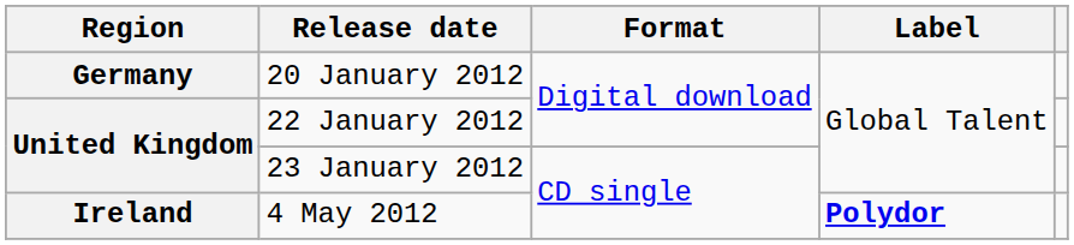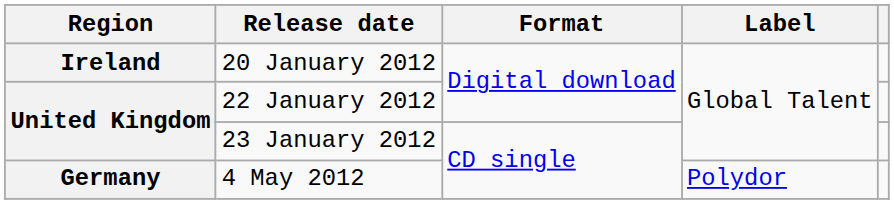 <table class="wikitable plainrowheaders">
 <tr>
 <th scope="col">Region</th>
 <th scope="col">Release date</th>
 <th scope="col">Format</th>
 <th scope="col">Label</th>
 <th scope="col"></th>
 </tr>
 <tr>
-<th scope="row">Germany</th>
+<th scope="row">Ireland</th>
 <td>20 January 2012</td>
 <td rowspan="2"><a href='#'>Digital download</a></td>
 <td rowspan="3">Global Talent</td>
 <td></td>
 </tr>
 <tr>
 <th scope="row" rowspan="2">United Kingdom</th>
 <td>22 January 2012</td>
 <td></td>
 </tr>
 <tr>
 <td>23 January 2012</td>
 <td rowspan="2"><a href='#'>CD single</a></td>
 <td></td>
 </tr>
 <tr>
-<th scope="row">Ireland</th>
+<th scope="row">Germany</th>
 <td>4 May 2012</td>
-<td><strong><a href='#'>Polydor</a></strong></td>
+<td><a href='#'>Polydor</a></td>
 <td></td>
 </tr>
 </table>
